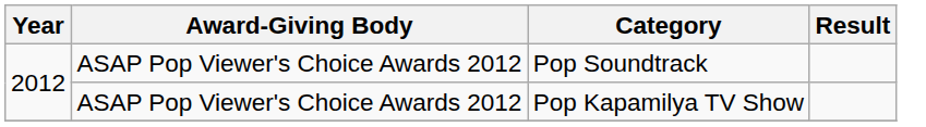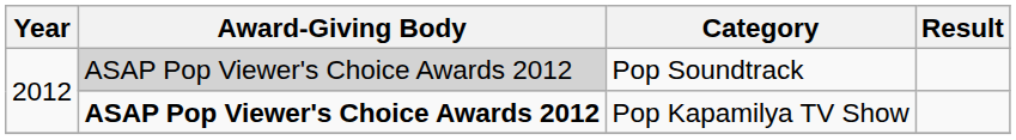 <table class="wikitable" style="font-size: 95%;">
 <tr>
 <th>Year</th>
 <th>Award-Giving Body</th>
 <th>Category</th>
 <th>Result</th>
 </tr>
 <tr>
 <td rowspan=2>2012</td>
-<td>ASAP Pop Viewer's Choice Awards 2012</td>
+<td style="background: lightgrey;">ASAP Pop Viewer's Choice Awards 2012</td>
 <td>Pop Soundtrack</td>
 <td></td>
 </tr>
 <tr>
-<td>ASAP Pop Viewer's Choice Awards 2012</td>
+<td><strong>ASAP Pop Viewer's Choice Awards 2012</strong></td>
 <td>Pop Kapamilya TV Show</td>
 <td></td>
 </tr>
 <tr>
 </tr>
 </table>
